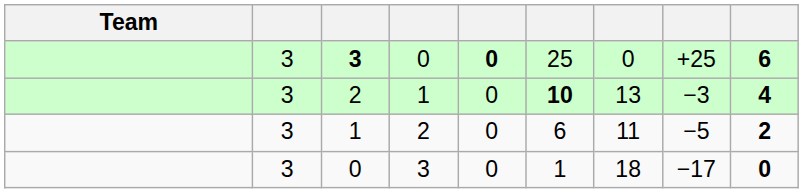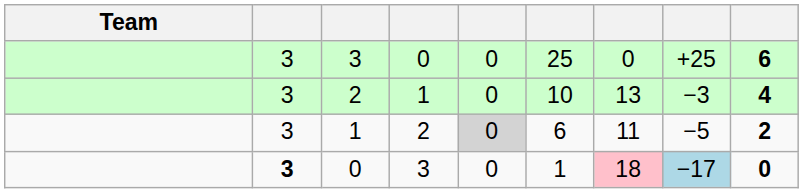 <table class="wikitable" style="text-align:center">
 <tr>
 <th width=165>Team</th>
 <th width=40></th>
 <th width=40></th>
 <th width=40></th>
 <th width=40></th>
 <th width=40></th>
 <th width=40></th>
 <th width=40></th>
 <th width=40></th>
 </tr>
 <tr bgcolor="ccffcc">
 <td style="text-align:left;"></td>
 <td>3</td>
-<td><strong>3</strong></td>
+<td>3</td>
 <td>0</td>
-<td><strong>0</strong></td>
+<td>0</td>
 <td>25</td>
 <td>0</td>
 <td>+25</td>
 <td><strong>6</strong></td>
 </tr>
 <tr bgcolor="ccffcc">
 <td style="text-align:left;"></td>
 <td>3</td>
 <td>2</td>
 <td>1</td>
 <td>0</td>
-<td><strong>10</strong></td>
+<td>10</td>
 <td>13</td>
 <td>−3</td>
 <td><strong>4</strong></td>
 </tr>
 <tr>
 <td style="text-align:left;"></td>
 <td>3</td>
 <td>1</td>
 <td>2</td>
-<td>0</td>
+<td style="background: lightgrey;">0</td>
 <td>6</td>
 <td>11</td>
 <td>−5</td>
 <td><strong>2</strong></td>
 </tr>
 <tr>
 <td style="text-align:left;"></td>
-<td>3</td>
+<td><strong>3</strong></td>
 <td>0</td>
 <td>3</td>
 <td>0</td>
 <td>1</td>
-<td>18</td>
-<td>−17</td>
+<td style="background: pink;">18</td>
+<td style="background: lightblue;">−17</td>
 <td><strong>0</strong></td>
 </tr>
 </table>
